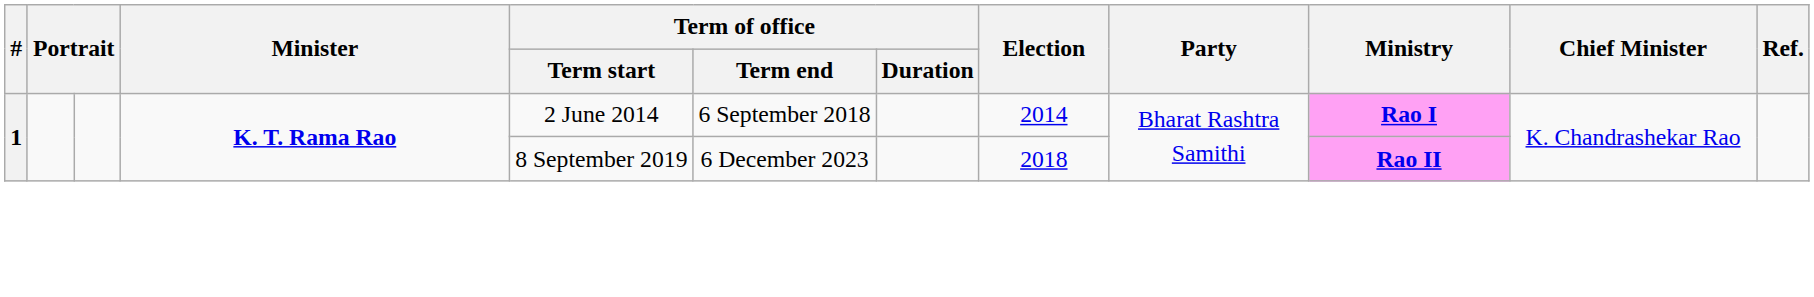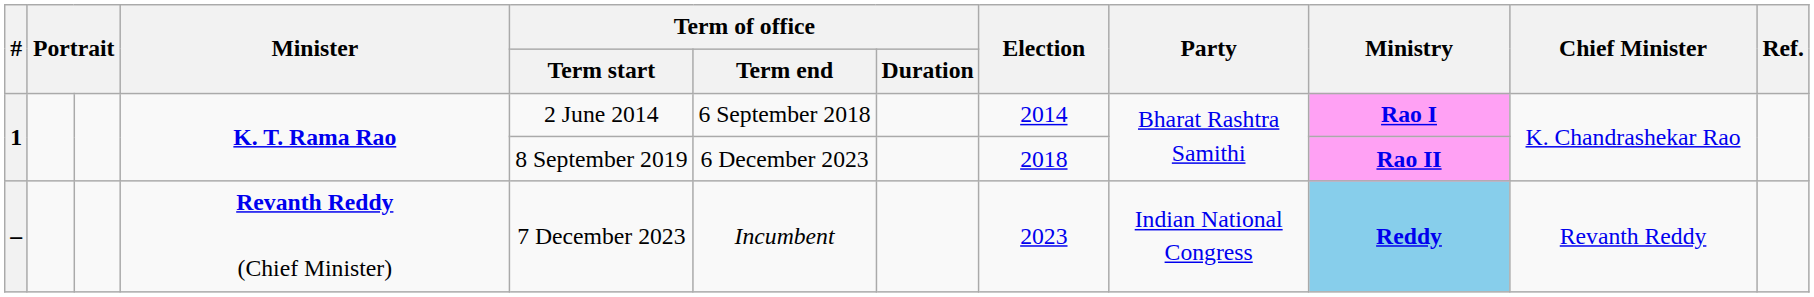 <table class="wikitable" style="line-height:1.4em; text-align:center">
 <tr>
 <th rowspan=2>#</th>
 <th rowspan=2 colspan="2">Portrait</th>
 <th rowspan=2 style="width:16em">Minister<br></th>
 <th colspan="3">Term of office</th>
 <th rowspan=2 style="width:5em">Election<br></th>
 <th rowspan=2 style="width:8em">Party</th>
 <th rowspan=2 style="width:8em">Ministry</th>
 <th rowspan=2 style="width:10em">Chief Minister</th>
 <th rowspan=2>Ref.</th>
 </tr>
 <tr>
 <th>Term start</th>
 <th>Term end</th>
 <th>Duration</th>
 </tr>
 <tr>
 <th rowspan=2>1</th>
 <td rowspan=2></td>
 <td rowspan=2></td>
 <td rowspan=2><strong><a href='#'>K. T. Rama Rao</a></strong><br></td>
 <td>2 June 2014</td>
 <td>6 September 2018</td>
 <td><strong></strong></td>
 <td><a href='#'>2014</a><br></td>
 <td rowspan=2><a href='#'>Bharat Rashtra Samithi</a></td>
 <td bgcolor="#FFA1F4"><strong><a href='#'>Rao I</a></strong></td>
 <td rowspan=2><a href='#'>K. Chandrashekar Rao</a></td>
 <td rowspan=2></td>
 </tr>
 <tr>
 <td>8 September 2019</td>
 <td>6 December 2023</td>
 <td><strong></strong></td>
 <td><a href='#'>2018</a><br></td>
 <td bgcolor="#FFA1F4"><strong><a href='#'>Rao II</a></strong></td>
 </tr>
+<tr>
+<th>–</th>
+<td></td>
+<td></td>
+<td><strong><a href='#'>Revanth Reddy</a></strong><br><br>(Chief Minister)</td>
+<td>7 December 2023</td>
+<td><em>Incumbent</em></td>
+<td><strong></strong></td>
+<td><a href='#'>2023</a><br></td>
+<td><a href='#'>Indian National Congress</a></td>
+<td bgcolor="#87CEEB"><strong><a href='#'>Reddy</a></strong></td>
+<td><a href='#'>Revanth Reddy</a></td>
+<td></td>
+</tr>
 </table>
